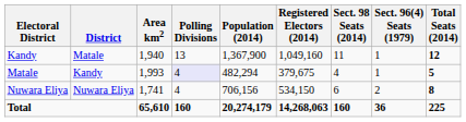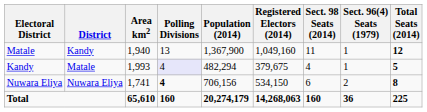 <table class="wikitable sortable">
 <tr valign=bottom>
 <th>Electoral<br>District</th>
 <th><a href='#'>District</a></th>
 <th>Area<br>km<sup>2</sup><br></th>
 <th>Polling<br>Divisions</th>
 <th>Population<br>(2014)<br></th>
 <th>Registered<br>Electors<br>(2014)</th>
 <th>Sect. 98<br>Seats<br>(2014)</th>
 <th>Sect. 96(4)<br>Seats<br>(1979)</th>
 <th>Total<br>Seats<br>(2014)</th>
 </tr>
 <tr>
+<td align=left><a href='#'>Matale</a></td>
 <td align=left><a href='#'>Kandy</a></td>
-<td align=left><a href='#'>Matale</a></td>
 <td>1,940</td>
 <td>13</td>
 <td>1,367,900</td>
 <td>1,049,160</td>
 <td>11</td>
 <td>1</td>
 <td><strong>12</strong></td>
 </tr>
 <tr>
+<td align=left><a href='#'>Kandy</a></td>
 <td align=left><a href='#'>Matale</a></td>
-<td align=left><a href='#'>Kandy</a></td>
 <td>1,993</td>
 <td style="background: lavender;">4</td>
 <td>482,294</td>
 <td>379,675</td>
 <td>4</td>
 <td>1</td>
 <td><strong>5</strong></td>
 </tr>
 <tr>
 <td align=left><a href='#'>Nuwara Eliya</a></td>
 <td align=left><a href='#'>Nuwara Eliya</a></td>
 <td>1,741</td>
-<td>4</td>
+<td><strong>4</strong></td>
 <td>706,156</td>
 <td>534,150</td>
 <td>6</td>
 <td>2</td>
 <td><strong>8</strong></td>
 </tr>
 <tr style="font-weight: bold" class="sortbottom">
 <td align=left colspan=2>Total</td>
 <td>65,610</td>
 <td>160</td>
 <td>20,274,179</td>
 <td>14,268,063</td>
 <td>160</td>
 <td>36</td>
 <td>225</td>
 </tr>
 </table>
